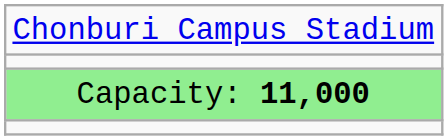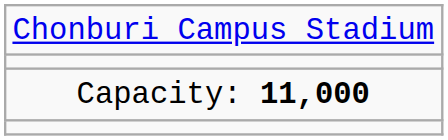 <table class="wikitable" style="text-align:center;"|->
 <tr>
 <td><a href='#'>Chonburi Campus Stadium</a></td>
 </tr>
 <tr>
 <td></td>
 </tr>
 <tr>
-<td style="background: lightgreen;">Capacity: <strong>11,000</strong></td>
+<td>Capacity: <strong>11,000</strong></td>
 </tr>
 <tr>
 <td></td>
 </tr>
 </table>
